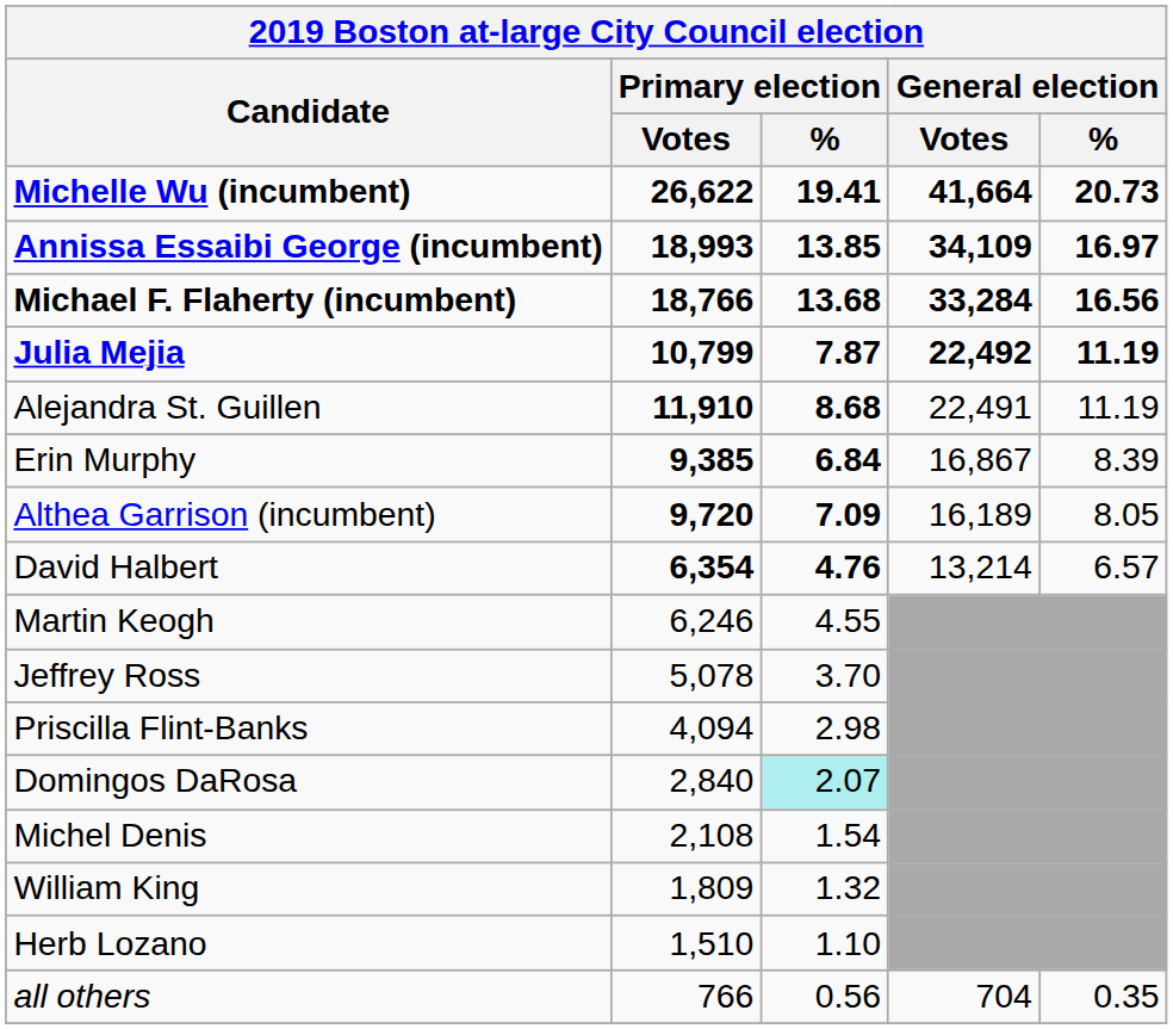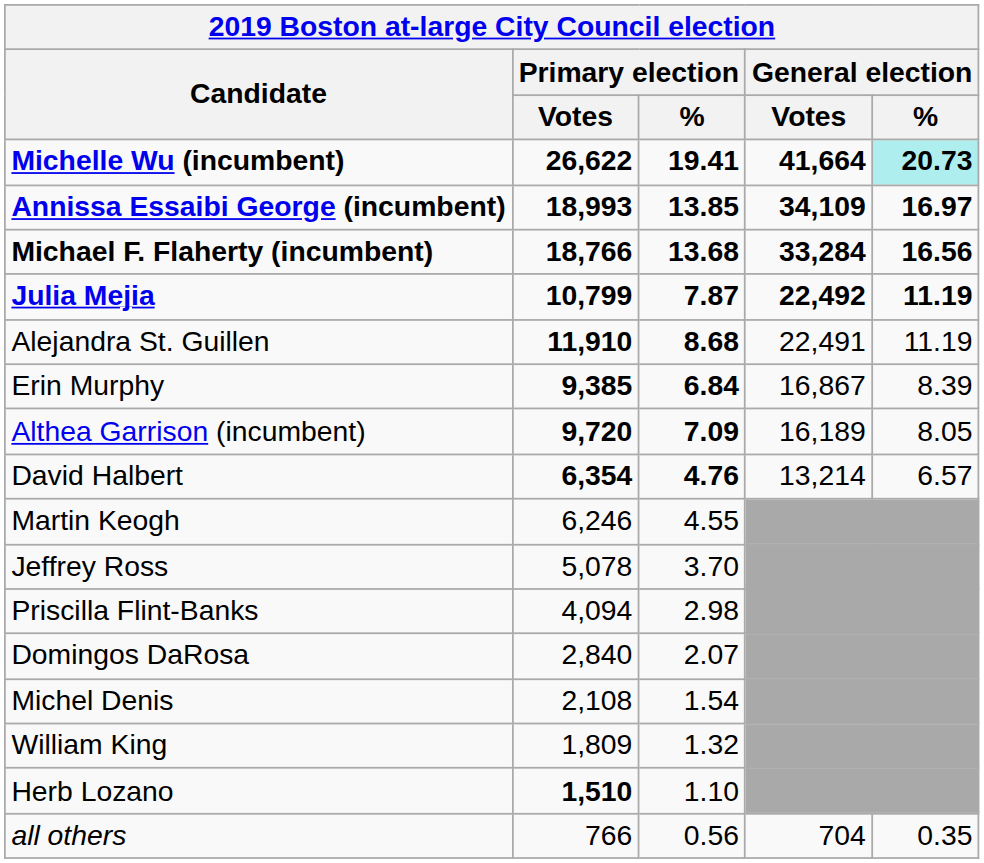 <table class=wikitable>
 <tr>
 <th colspan=5><a href='#'>2019 Boston at-large City Council election</a></th>
 </tr>
 <tr>
 <th colspan=1 rowspan=2>Candidate</th>
 <th colspan=2><strong>Primary election</strong></th>
 <th colspan=2><strong>General election</strong></th>
 </tr>
 <tr>
 <th>Votes</th>
 <th>%</th>
 <th>Votes</th>
 <th>%</th>
 </tr>
 <tr>
 <td><strong><a href='#'>Michelle Wu</a> (incumbent) </strong></td>
 <td align="right"><strong>26,622</strong></td>
 <td align="right"><strong>19.41</strong></td>
 <td align="right"><strong>41,664</strong></td>
-<td align="right"><strong>20.73</strong></td>
+<td align="right" style="background: paleturquoise;"><strong>20.73</strong></td>
 </tr>
 <tr>
 <td><strong><a href='#'>Annissa Essaibi George</a> (incumbent)</strong></td>
 <td align="right"><strong>18,993</strong></td>
 <td align="right"><strong>13.85</strong></td>
 <td align="right"><strong>34,109</strong></td>
 <td align="right"><strong>16.97</strong></td>
 </tr>
 <tr>
 <td><strong>Michael F. Flaherty (incumbent)</strong></td>
 <td align="right"><strong>18,766</strong></td>
 <td align="right"><strong>13.68</strong></td>
 <td align="right"><strong>33,284</strong></td>
 <td align="right"><strong>16.56</strong></td>
 </tr>
 <tr>
 <td><strong><a href='#'>Julia Mejia</a></strong></td>
 <td align="right"><strong>10,799</strong></td>
 <td align="right"><strong>7.87</strong></td>
 <td align="right"><strong>22,492</strong></td>
 <td align="right"><strong>11.19</strong></td>
 </tr>
 <tr>
 <td>Alejandra St. Guillen</td>
 <td align="right"><strong>11,910</strong></td>
 <td align="right"><strong>8.68</strong></td>
 <td align="right">22,491</td>
 <td align="right">11.19</td>
 </tr>
 <tr>
 <td>Erin Murphy</td>
 <td align="right"><strong>9,385</strong></td>
 <td align="right"><strong>6.84</strong></td>
 <td align="right">16,867</td>
 <td align="right">8.39</td>
 </tr>
 <tr>
 <td><a href='#'>Althea Garrison</a> (incumbent)</td>
 <td align="right"><strong>9,720</strong></td>
 <td align="right"><strong>7.09</strong></td>
 <td align="right">16,189</td>
 <td align="right">8.05</td>
 </tr>
 <tr>
 <td>David Halbert</td>
 <td align="right"><strong>6,354</strong></td>
 <td align="right"><strong>4.76</strong></td>
 <td align="right">13,214</td>
 <td align="right">6.57</td>
 </tr>
 <tr>
 <td>Martin Keogh</td>
 <td align="right">6,246</td>
 <td align="right">4.55</td>
 <td colspan=2 bgcolor=darkgray> </td>
 </tr>
 <tr>
 <td>Jeffrey Ross</td>
 <td align="right">5,078</td>
 <td align="right">3.70</td>
 <td colspan=2 bgcolor=darkgray> </td>
 </tr>
 <tr>
 <td>Priscilla Flint-Banks</td>
 <td align="right">4,094</td>
 <td align="right">2.98</td>
 <td colspan=2 bgcolor=darkgray> </td>
 </tr>
 <tr>
 <td>Domingos DaRosa</td>
 <td align="right">2,840</td>
-<td align="right" style="background: paleturquoise;">2.07</td>
+<td align="right">2.07</td>
 <td colspan=2 bgcolor=darkgray> </td>
 </tr>
 <tr>
 <td>Michel Denis</td>
 <td align="right">2,108</td>
 <td align="right">1.54</td>
 <td colspan=2 bgcolor=darkgray> </td>
 </tr>
 <tr>
 <td>William King</td>
 <td align="right">1,809</td>
 <td align="right">1.32</td>
 <td colspan=2 bgcolor=darkgray> </td>
 </tr>
 <tr>
 <td>Herb Lozano</td>
-<td align="right">1,510</td>
+<td align="right"><strong>1,510</strong></td>
 <td align="right">1.10</td>
 <td colspan=2 bgcolor=darkgray> </td>
 </tr>
 <tr>
 <td><em>all others</em></td>
 <td align="right">766</td>
 <td align="right">0.56</td>
 <td align="right">704</td>
 <td align="right">0.35</td>
 </tr>
 </table>
